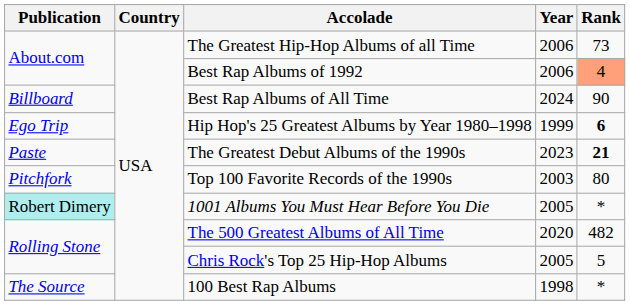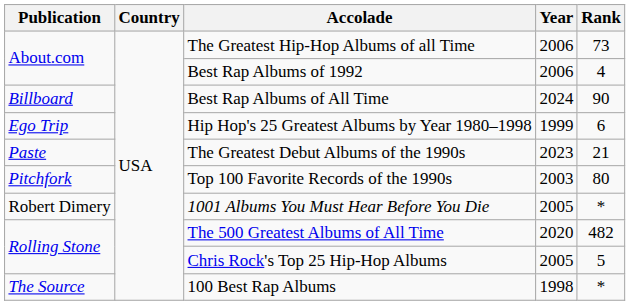 <table class="wikitable">
 <tr>
 <th>Publication</th>
 <th>Country</th>
 <th>Accolade</th>
 <th>Year</th>
 <th style="text-align:center;">Rank</th>
 </tr>
 <tr>
 <td rowspan=2><a href='#'>About.com</a></td>
 <td rowspan="10">USA</td>
 <td>The Greatest Hip-Hop Albums of all Time</td>
 <td>2006</td>
 <td style="text-align:center;">73</td>
 </tr>
 <tr>
 <td>Best Rap Albums of 1992</td>
 <td>2006</td>
-<td style="background: lightsalmon; text-align:center;">4</td>
+<td style="text-align:center;">4</td>
 </tr>
 <tr>
 <td><em><a href='#'>Billboard</a></em></td>
 <td>Best Rap Albums of All Time</td>
 <td>2024</td>
 <td style="text-align:center;">90</td>
 </tr>
 <tr>
 <td><em><a href='#'>Ego Trip</a></em></td>
 <td>Hip Hop's 25 Greatest Albums by Year 1980–1998</td>
 <td>1999</td>
-<td style="text-align:center;"><strong>6</strong></td>
+<td style="text-align:center;">6</td>
 </tr>
 <tr>
 <td><em><a href='#'>Paste</a></em></td>
 <td>The Greatest Debut Albums of the 1990s</td>
 <td>2023</td>
-<td style="text-align:center;"><strong>21</strong></td>
+<td style="text-align:center;">21</td>
 </tr>
 <tr>
 <td><em><a href='#'>Pitchfork</a></em></td>
 <td>Top 100 Favorite Records of the 1990s</td>
 <td>2003</td>
 <td style="text-align:center;">80</td>
 </tr>
 <tr>
-<td style="background: paleturquoise;">Robert Dimery</td>
+<td>Robert Dimery</td>
 <td><em>1001 Albums You Must Hear Before You Die</em></td>
 <td>2005</td>
 <td style="text-align:center;">*</td>
 </tr>
 <tr>
 <td rowspan=2><em><a href='#'>Rolling Stone</a></em></td>
 <td><a href='#'>The 500 Greatest Albums of All Time</a></td>
 <td>2020</td>
 <td style="text-align:center;">482</td>
 </tr>
 <tr>
 <td><a href='#'>Chris Rock</a>'s Top 25 Hip-Hop Albums</td>
 <td>2005</td>
 <td style="text-align:center;">5</td>
 </tr>
 <tr>
 <td><em><a href='#'>The Source</a></em></td>
 <td>100 Best Rap Albums</td>
 <td>1998</td>
 <td style="text-align:center;">*</td>
 </tr>
 </table>
